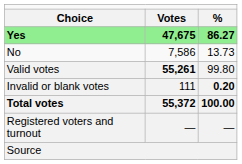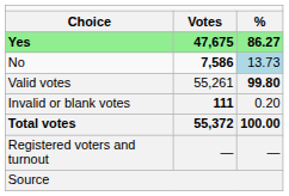 <table class="wikitable" style="text-align:right;">
 <tr>
 <td colspan="6" align="center"></td>
 </tr>
 <tr>
 <th style="width:200px;">Choice</th>
 <th style="width:70px;">Votes</th>
 <th style="width:50px;">%</th>
 </tr>
 <tr style="background:lightgreen;">
 <td align="left"> <strong>Yes</strong></td>
 <td><strong>47,675</strong></td>
 <td><strong>86.27</strong></td>
 </tr>
 <tr>
 <td align="left">No</td>
-<td>7,586</td>
-<td>13.73</td>
+<td><strong>7,586</strong></td>
+<td style="background: lightblue;">13.73</td>
 </tr>
 <tr style="background-color:#F2F2F2">
 <td align="left">Valid votes</td>
-<td><strong>55,261</strong></td>
-<td>99.80</td>
+<td>55,261</td>
+<td><strong>99.80</strong></td>
 </tr>
 <tr style="background-color:#F2F2F2">
 <td align="left">Invalid or blank votes</td>
-<td>111</td>
-<td><strong>0.20</strong></td>
+<td><strong>111</strong></td>
+<td>0.20</td>
 </tr>
 <tr style="background-color:#F2F2F2">
 <td align="left"><strong>Total votes</strong></td>
 <td><strong>55,372</strong></td>
 <td><strong>100.00</strong></td>
 </tr>
 <tr style="background-color:#F2F2F2">
 <td align="left">Registered voters and turnout</td>
 <td>—</td>
 <td>—</td>
 </tr>
 <tr style="background-color:#F2F2F2">
 <td colspan="3" align="left">Source</td>
 </tr>
 </table>
